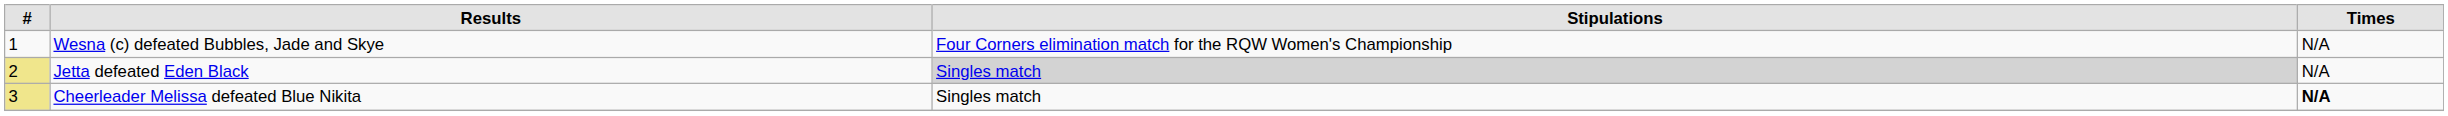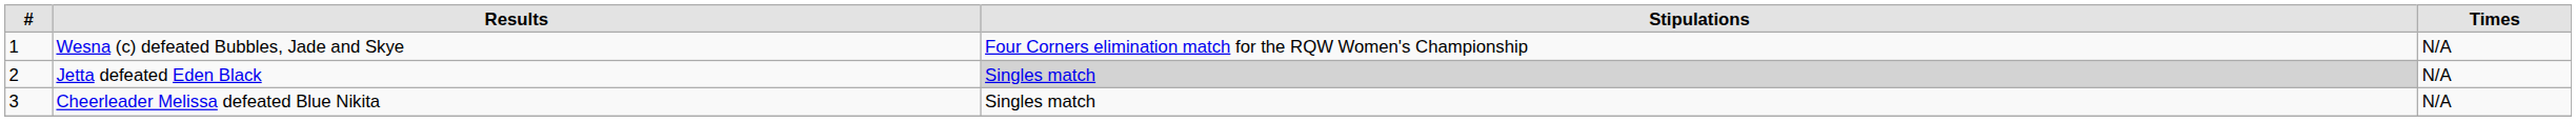 <table style="font-size: 85%; text-align: left;" class="wikitable sortable" width="100%">
 <tr>
 <th style="border-style: none none solid solid; background: #e3e3e3"><strong>#</strong></th>
 <th style="border-style: none none solid solid; background: #e3e3e3"><strong>Results</strong></th>
 <th style="border-style: none none solid solid; background: #e3e3e3"><strong>Stipulations</strong></th>
 <th style="border-style: none none solid solid; background: #e3e3e3"><strong>Times</strong></th>
 </tr>
 <tr>
 <td>1</td>
 <td><a href='#'>Wesna</a> (c) defeated Bubbles, Jade and Skye</td>
 <td><a href='#'>Four Corners elimination match</a> for the RQW Women's Championship</td>
 <td>N/A</td>
 </tr>
 <tr>
-<td style="background: khaki;">2</td>
+<td>2</td>
 <td><a href='#'>Jetta</a> defeated <a href='#'>Eden Black</a></td>
 <td style="background: lightgrey;"><a href='#'>Singles match</a></td>
 <td>N/A</td>
 </tr>
 <tr>
-<td style="background: khaki;">3</td>
+<td>3</td>
 <td><a href='#'>Cheerleader Melissa</a> defeated Blue Nikita</td>
 <td>Singles match</td>
-<td><strong>N/A</strong></td>
+<td>N/A</td>
 </tr>
 <tr>
 </tr>
 </table>
